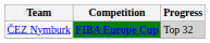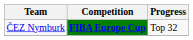 <table class="wikitable sortable">
 <tr>
 <th>Team</th>
 <th>Competition</th>
 <th>Progress</th>
 </tr>
 <tr>
 <td><a href='#'>ČEZ Nymburk</a></td>
 <td rowspan="1" style="background-color:green;color:white;text-align:center"><strong><a href='#'><span>FIBA Europe Cup</span></a></strong></td>
-<td style="background: lightgrey;">Top 32</td>
+<td>Top 32</td>
 </tr>
 <tr>
 </tr>
 </table>
